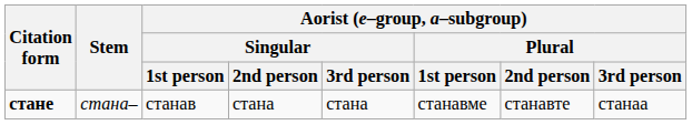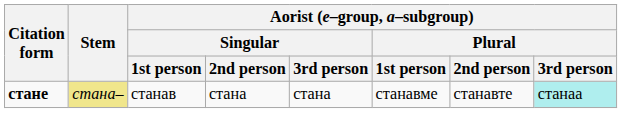 <table class="wikitable">
 <tr>
 <th rowspan="3">Citation<br>form</th>
 <th rowspan="3">Stem</th>
 <th colspan="6">Aorist (<em>е</em>–group, <em>а</em>–subgroup)</th>
 </tr>
 <tr>
 <th colspan="3">Singular</th>
 <th colspan="3">Plural</th>
 </tr>
 <tr>
 <th>1st person</th>
 <th>2nd person</th>
 <th>3rd person</th>
 <th>1st person</th>
 <th>2nd person</th>
 <th>3rd person</th>
 </tr>
 <tr>
 <td><strong>стане</strong></td>
-<td><em>стана–</em></td>
+<td style="background: khaki;"><em>стана–</em></td>
 <td>стана<span>в</span></td>
 <td>стана</td>
 <td>стана</td>
 <td>стана<span>вме</span></td>
 <td>стана<span>вте</span></td>
-<td>стана<span>а</span></td>
+<td style="background: paleturquoise;">стана<span>а</span></td>
 </tr>
 </table>
